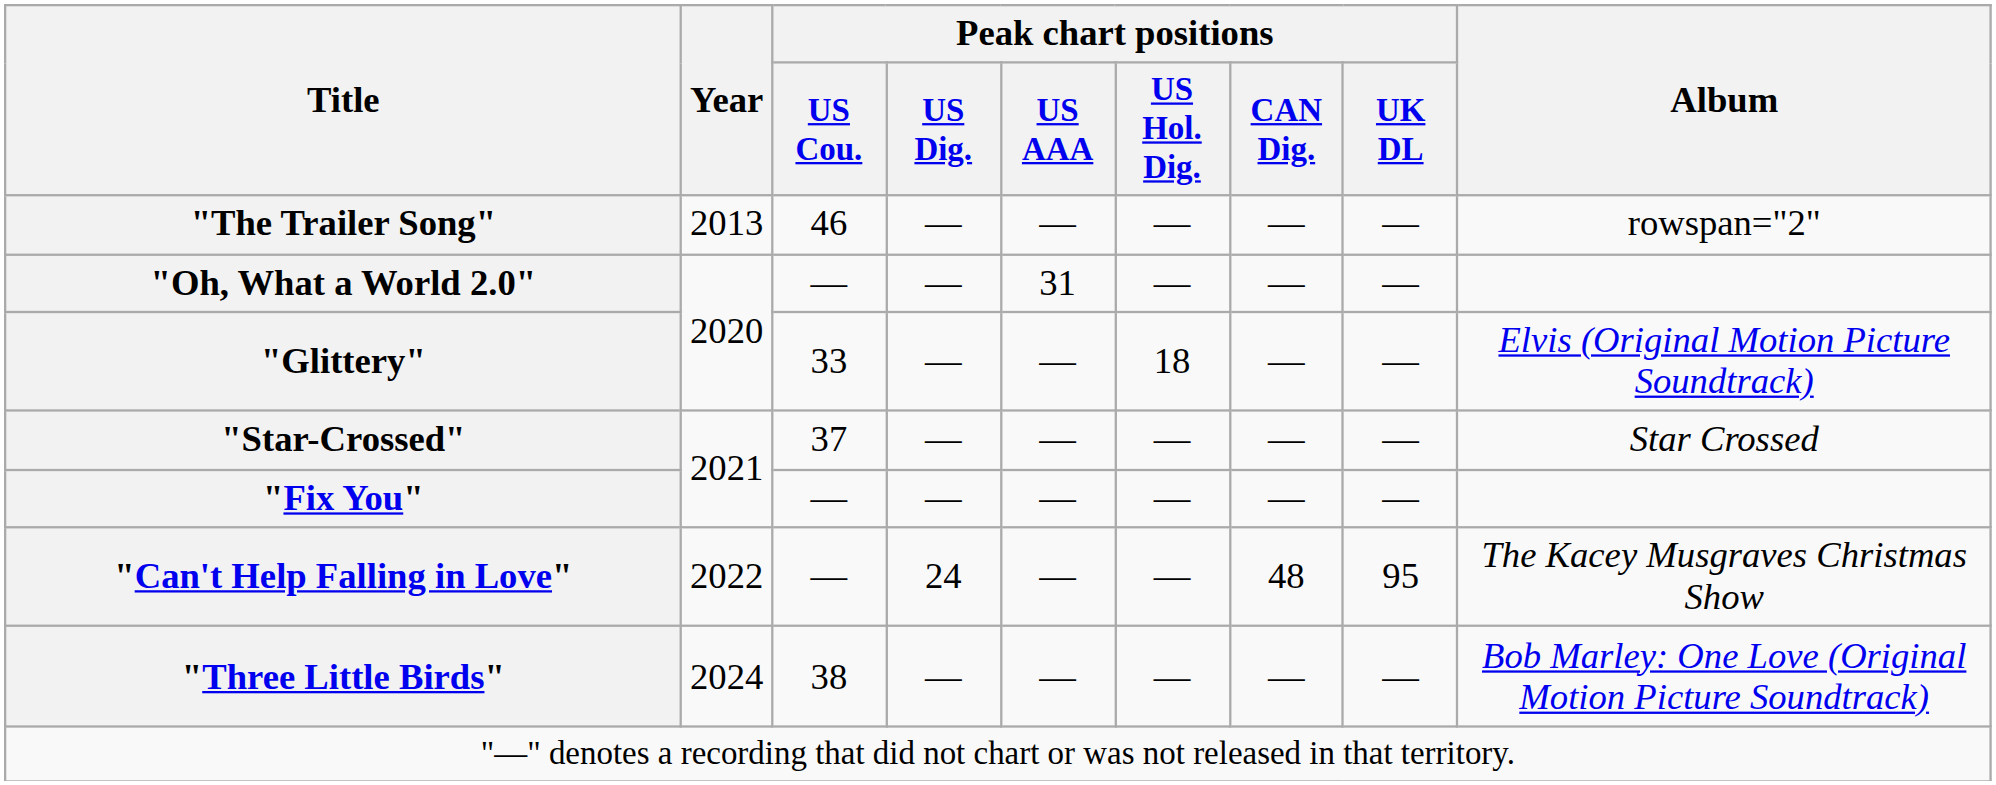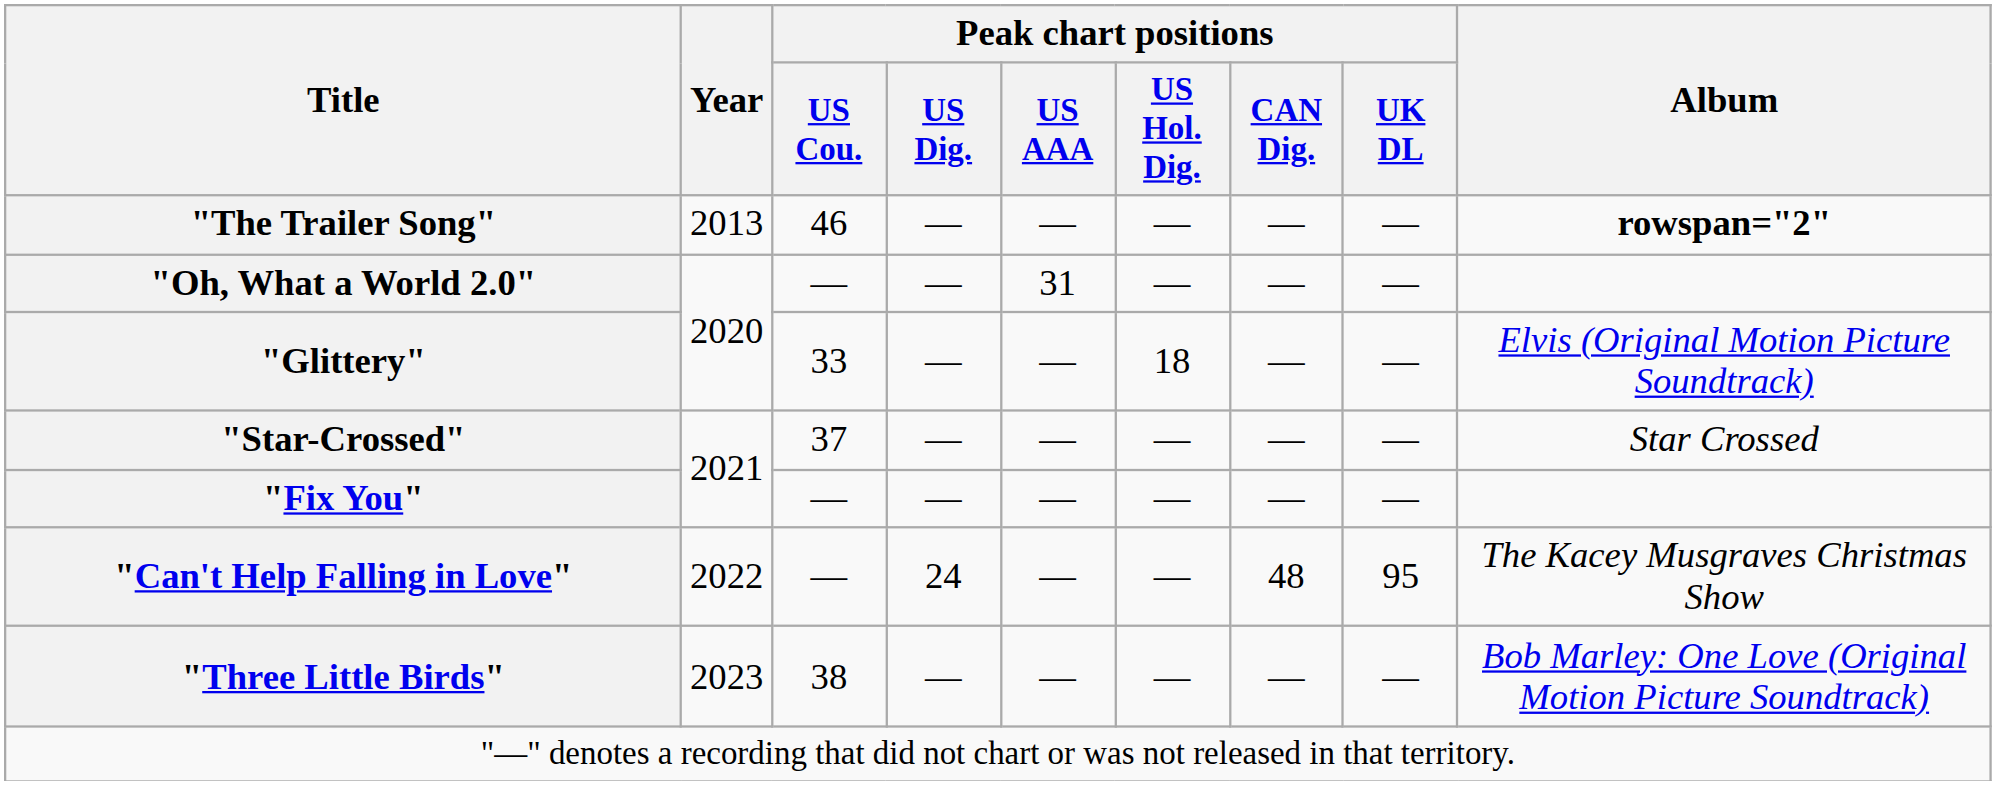 <table class="wikitable plainrowheaders" style="text-align:center;" border="1">
 <tr>
 <th scope="col" rowspan="2" style="width:18em;">Title</th>
 <th scope="col" rowspan="2">Year</th>
 <th scope="col" colspan="6">Peak chart positions</th>
 <th scope="col" rowspan="2">Album</th>
 </tr>
 <tr>
 <th scope="col" style="width:3em;font-size:90%;"><a href='#'>US<br>Cou.</a><br></th>
 <th scope="col" style="width:3em;font-size:90%;"><a href='#'>US<br>Dig.</a><br></th>
 <th scope="col" style="width:3em;font-size:90%;"><a href='#'>US<br>AAA</a><br></th>
 <th scope="col" style="width:3em;font-size:90%;"><a href='#'>US<br>Hol.<br>Dig.</a><br></th>
 <th scope="col" style="width:3em;font-size:90%;"><a href='#'>CAN<br>Dig.</a><br></th>
 <th scope="col" style="width:3em;font-size:90%;"><a href='#'>UK<br>DL</a><br></th>
 </tr>
 <tr>
 <th scope="row">"The Trailer Song"</th>
 <td>2013</td>
 <td>46</td>
 <td>—</td>
 <td>—</td>
 <td>—</td>
 <td>—</td>
 <td>—</td>
-<td>rowspan="2" </td>
+<td><strong>rowspan="2" </strong></td>
 </tr>
 <tr>
 <th scope="row">"Oh, What a World 2.0"</th>
 <td rowspan="2">2020</td>
 <td>—</td>
 <td>—</td>
 <td>31</td>
 <td>—</td>
 <td>—</td>
 <td>—</td>
 </tr>
 <tr>
 <th scope="row">"Glittery"<br></th>
 <td>33</td>
 <td>—</td>
 <td>—</td>
 <td>18</td>
 <td>—</td>
 <td>—</td>
 <td><em><a href='#'>Elvis (Original Motion Picture Soundtrack)</a></em></td>
 </tr>
 <tr>
 <th scope="row">"Star-Crossed"</th>
 <td rowspan="2">2021</td>
 <td>37</td>
 <td>—</td>
 <td>—</td>
 <td>—</td>
 <td>—</td>
 <td>—</td>
 <td><em>Star Crossed</em></td>
 </tr>
 <tr>
 <th scope="row">"<a href='#'>Fix You</a>"</th>
 <td>—</td>
 <td>—</td>
 <td>—</td>
 <td>—</td>
 <td>—</td>
 <td>—</td>
 <td></td>
 </tr>
 <tr>
 <th scope="row">"<a href='#'>Can't Help Falling in Love</a>"</th>
 <td>2022</td>
 <td>—</td>
 <td>24</td>
 <td>—</td>
 <td>—</td>
 <td>48</td>
 <td>95</td>
 <td><em>The Kacey Musgraves Christmas Show</em></td>
 </tr>
 <tr>
 <th scope="row">"<a href='#'>Three Little Birds</a>"</th>
-<td>2024</td>
+<td>2023</td>
 <td>38</td>
 <td>—</td>
 <td>—</td>
 <td>—</td>
 <td>—</td>
 <td>—</td>
 <td><em><a href='#'>Bob Marley: One Love (Original Motion Picture Soundtrack)</a></em></td>
 </tr>
 <tr>
 <td colspan="9" style="font-size:90%">"—" denotes a recording that did not chart or was not released in that territory.</td>
 </tr>
 </table>
